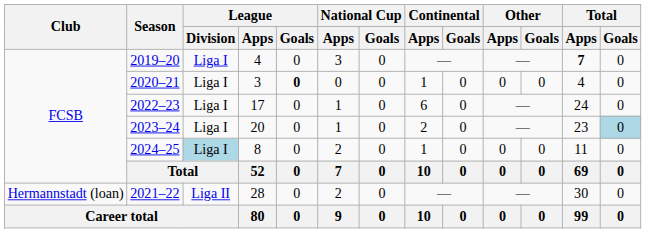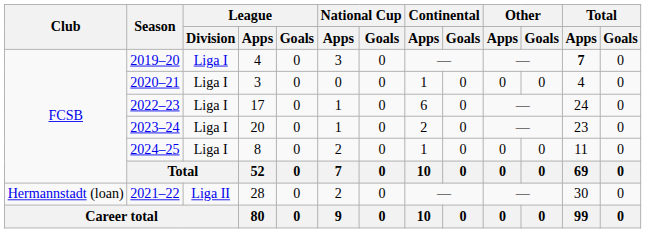 <table class="wikitable" style="text-align:center">
 <tr>
 <th rowspan="2">Club</th>
 <th rowspan="2">Season</th>
 <th colspan="3">League</th>
 <th colspan="2">National Cup</th>
 <th colspan="2">Continental</th>
 <th colspan="2">Other</th>
 <th colspan="2">Total</th>
 </tr>
 <tr>
 <th>Division</th>
 <th>Apps</th>
 <th>Goals</th>
 <th>Apps</th>
 <th>Goals</th>
 <th>Apps</th>
 <th>Goals</th>
 <th>Apps</th>
 <th>Goals</th>
 <th>Apps</th>
 <th>Goals</th>
 </tr>
 <tr>
 <td rowspan="6"><a href='#'>FCSB</a></td>
 <td><a href='#'>2019–20</a></td>
 <td><a href='#'>Liga I</a></td>
 <td>4</td>
 <td>0</td>
 <td>3</td>
 <td>0</td>
 <td colspan="2">—</td>
 <td colspan="2">—</td>
 <td><strong>7</strong></td>
 <td>0</td>
 </tr>
 <tr>
 <td><a href='#'>2020–21</a></td>
 <td>Liga I</td>
 <td>3</td>
-<td><strong>0</strong></td>
+<td>0</td>
 <td>0</td>
 <td>0</td>
 <td>1</td>
 <td>0</td>
 <td>0</td>
 <td>0</td>
 <td>4</td>
 <td>0</td>
 </tr>
 <tr>
 <td><a href='#'>2022–23</a></td>
 <td>Liga I</td>
 <td>17</td>
 <td>0</td>
 <td>1</td>
 <td>0</td>
 <td>6</td>
 <td>0</td>
 <td colspan="2">—</td>
 <td>24</td>
 <td>0</td>
 </tr>
 <tr>
 <td><a href='#'>2023–24</a></td>
 <td>Liga I</td>
 <td>20</td>
 <td>0</td>
 <td>1</td>
 <td>0</td>
 <td>2</td>
 <td>0</td>
 <td colspan="2">—</td>
 <td>23</td>
-<td style="background: lightblue;">0</td>
+<td>0</td>
 </tr>
 <tr>
 <td><a href='#'>2024–25</a></td>
-<td style="background: lightblue;">Liga I</td>
+<td>Liga I</td>
 <td>8</td>
 <td>0</td>
 <td>2</td>
 <td>0</td>
 <td>1</td>
 <td>0</td>
 <td>0</td>
 <td>0</td>
 <td>11</td>
 <td>0</td>
 </tr>
 <tr>
 <th colspan="2">Total</th>
 <th>52</th>
 <th>0</th>
 <th>7</th>
 <th>0</th>
 <th>10</th>
 <th>0</th>
 <th>0</th>
 <th>0</th>
 <th>69</th>
 <th>0</th>
 </tr>
 <tr>
 <td><a href='#'>Hermannstadt</a> (loan)</td>
 <td><a href='#'>2021–22</a></td>
 <td rowspan="1"><a href='#'>Liga II</a></td>
 <td>28</td>
 <td>0</td>
 <td>2</td>
 <td>0</td>
 <td colspan="2">—</td>
 <td colspan="2">—</td>
 <td>30</td>
 <td>0</td>
 </tr>
 <tr>
 <th colspan="3"><strong>Career total</strong></th>
 <th>80</th>
 <th>0</th>
 <th>9</th>
 <th>0</th>
 <th>10</th>
 <th>0</th>
 <th>0</th>
 <th>0</th>
 <th>99</th>
 <th>0</th>
 </tr>
 </table>
